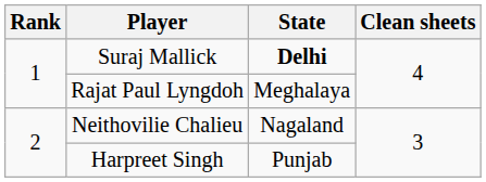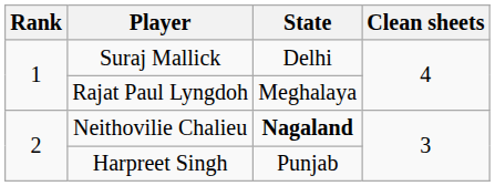 <table class="wikitable" style="text-align:center">
 <tr>
 <th>Rank</th>
 <th>Player</th>
 <th>State</th>
 <th>Clean sheets</th>
 </tr>
 <tr>
 <td rowspan="2">1</td>
 <td>Suraj Mallick</td>
-<td><strong>Delhi</strong></td>
+<td>Delhi</td>
 <td rowspan="2">4</td>
 </tr>
 <tr>
 <td>Rajat Paul Lyngdoh</td>
 <td>Meghalaya</td>
 </tr>
 <tr>
 <td rowspan="2">2</td>
 <td>Neithovilie Chalieu</td>
-<td>Nagaland</td>
+<td><strong>Nagaland</strong></td>
 <td rowspan="2">3</td>
 </tr>
 <tr>
 <td>Harpreet Singh</td>
 <td>Punjab</td>
 </tr>
 </table>
